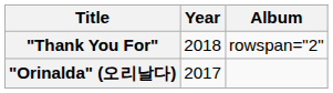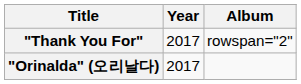 <table class="wikitable plainrowheaders">
 <tr>
 <th>Title</th>
 <th>Year</th>
 <th>Album</th>
 </tr>
 <tr>
 <th scope="row">"Thank You For"</th>
-<td>2018</td>
+<td>2017</td>
 <td>rowspan="2" </td>
 </tr>
 <tr>
 <th scope="row">"Orinalda" (오리날다)<br></th>
 <td>2017</td>
 </tr>
 </table>
